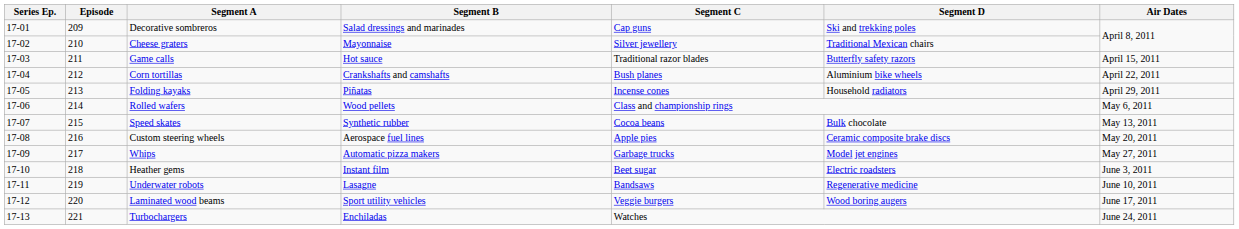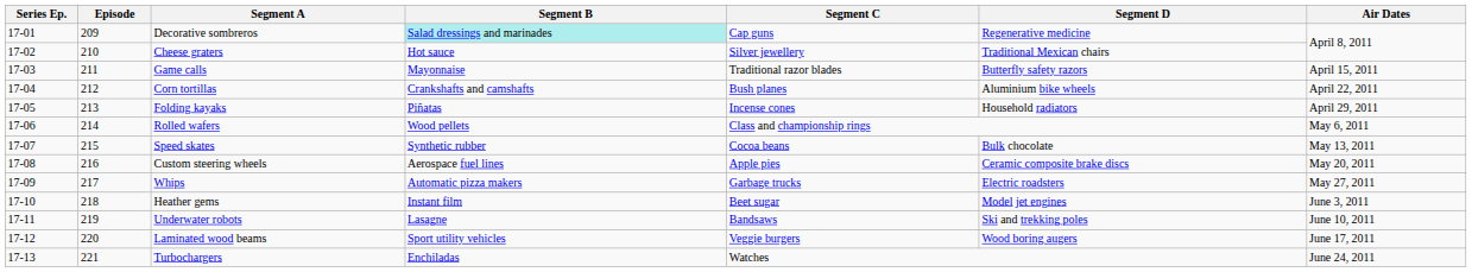 <table class="wikitable" style="width:100%;">
 <tr>
 <th style="width:5%;">Series Ep.</th>
 <th style="width:5%;">Episode</th>
 <th>Segment A</th>
 <th>Segment B</th>
 <th>Segment C</th>
 <th>Segment D</th>
 <th>Air Dates</th>
 </tr>
 <tr>
 <td>17-01</td>
 <td>209</td>
 <td>Decorative sombreros</td>
-<td><a href='#'>Salad dressings</a> and marinades</td>
+<td style="background: paleturquoise;"><a href='#'>Salad dressings</a> and marinades</td>
 <td><a href='#'>Cap guns</a></td>
-<td><a href='#'>Ski</a> and <a href='#'>trekking poles</a></td>
+<td><a href='#'>Regenerative medicine</a></td>
 <td rowspan="2">April 8, 2011</td>
 </tr>
 <tr>
 <td>17-02</td>
 <td>210</td>
 <td><a href='#'>Cheese graters</a></td>
-<td><a href='#'>Mayonnaise</a></td>
+<td><a href='#'>Hot sauce</a></td>
 <td><a href='#'>Silver jewellery</a></td>
 <td><a href='#'>Traditional Mexican</a> chairs</td>
 </tr>
 <tr>
 <td>17-03</td>
 <td>211</td>
 <td><a href='#'>Game calls</a></td>
-<td><a href='#'>Hot sauce</a></td>
+<td><a href='#'>Mayonnaise</a></td>
 <td>Traditional razor blades</td>
 <td><a href='#'>Butterfly safety razors</a></td>
 <td>April 15, 2011</td>
 </tr>
 <tr>
 <td>17-04</td>
 <td>212</td>
 <td><a href='#'>Corn tortillas</a></td>
 <td><a href='#'>Crankshafts</a> and <a href='#'>camshafts</a></td>
 <td><a href='#'>Bush planes</a></td>
 <td>Aluminium <a href='#'>bike wheels</a></td>
 <td>April 22, 2011</td>
 </tr>
 <tr>
 <td>17-05</td>
 <td>213</td>
 <td><a href='#'>Folding kayaks</a></td>
 <td><a href='#'>Piñatas</a></td>
 <td><a href='#'>Incense cones</a></td>
 <td>Household <a href='#'>radiators</a></td>
 <td>April 29, 2011</td>
 </tr>
 <tr>
 <td>17-06</td>
 <td>214</td>
 <td><a href='#'>Rolled wafers</a></td>
 <td><a href='#'>Wood pellets</a></td>
 <td colspan="2"><a href='#'>Class</a> and <a href='#'>championship rings</a></td>
 <td>May 6, 2011</td>
 </tr>
 <tr>
 <td>17-07</td>
 <td>215</td>
 <td><a href='#'>Speed skates</a></td>
 <td><a href='#'>Synthetic rubber</a></td>
 <td><a href='#'>Cocoa beans</a></td>
 <td><a href='#'>Bulk</a> chocolate</td>
 <td>May 13, 2011</td>
 </tr>
 <tr>
 <td>17-08</td>
 <td>216</td>
 <td>Custom steering wheels</td>
 <td>Aerospace <a href='#'>fuel lines</a></td>
 <td><a href='#'>Apple pies</a></td>
 <td><a href='#'>Ceramic composite brake discs</a></td>
 <td>May 20, 2011</td>
 </tr>
 <tr>
 <td>17-09</td>
 <td>217</td>
 <td><a href='#'>Whips</a></td>
 <td><a href='#'>Automatic pizza makers</a></td>
 <td><a href='#'>Garbage trucks</a></td>
-<td><a href='#'>Model</a> <a href='#'>jet engines</a></td>
+<td><a href='#'>Electric roadsters</a></td>
 <td>May 27, 2011</td>
 </tr>
 <tr>
 <td>17-10</td>
 <td>218</td>
 <td>Heather gems</td>
 <td><a href='#'>Instant film</a></td>
 <td><a href='#'>Beet sugar</a></td>
-<td><a href='#'>Electric roadsters</a></td>
+<td><a href='#'>Model</a> <a href='#'>jet engines</a></td>
 <td>June 3, 2011</td>
 </tr>
 <tr>
 <td>17-11</td>
 <td>219</td>
 <td><a href='#'>Underwater robots</a></td>
 <td><a href='#'>Lasagne</a></td>
 <td><a href='#'>Bandsaws</a></td>
-<td><a href='#'>Regenerative medicine</a></td>
+<td><a href='#'>Ski</a> and <a href='#'>trekking poles</a></td>
 <td>June 10, 2011</td>
 </tr>
 <tr>
 <td>17-12</td>
 <td>220</td>
 <td><a href='#'>Laminated wood</a> beams</td>
 <td><a href='#'>Sport utility vehicles</a></td>
 <td><a href='#'>Veggie burgers</a></td>
 <td><a href='#'>Wood boring augers</a></td>
 <td>June 17, 2011</td>
 </tr>
 <tr>
 <td>17-13</td>
 <td>221</td>
 <td><a href='#'>Turbochargers</a></td>
 <td><a href='#'>Enchiladas</a></td>
 <td colspan="2">Watches</td>
 <td>June 24, 2011</td>
 </tr>
 </table>
